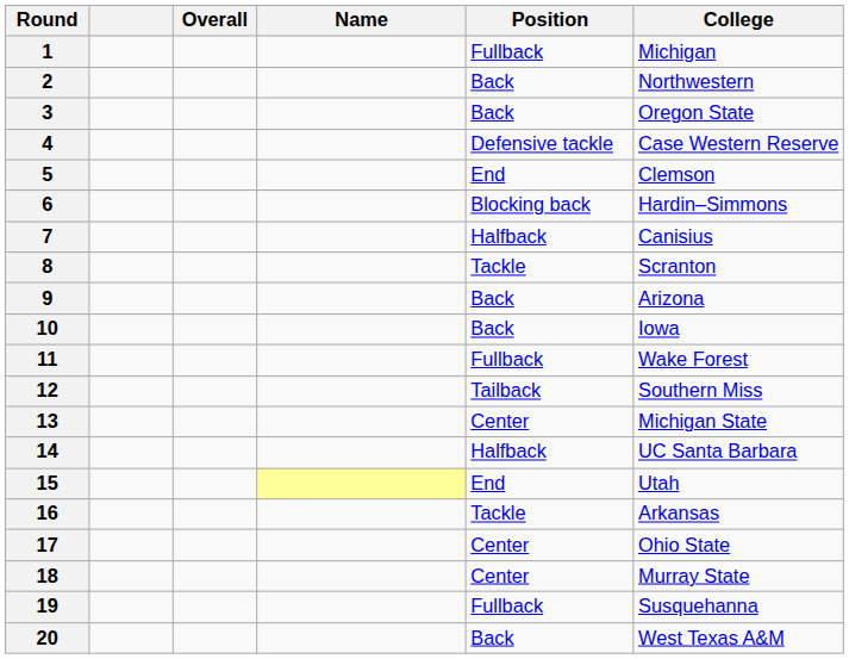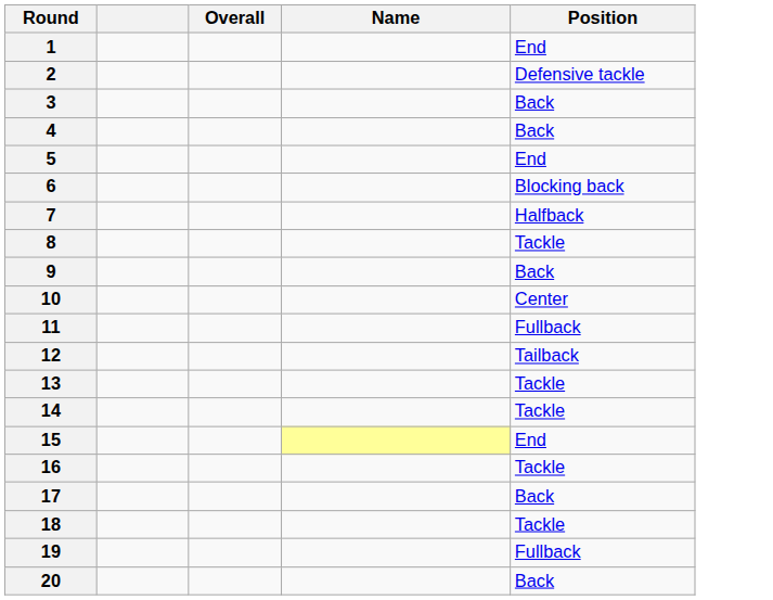 <table class="wikitable sortable">
 <tr>
 <th scope="col" style="width: 10%;">Round</th>
 <th scope="col" style="width: 10%;"></th>
 <th scope="col" style="width: 10%;">Overall</th>
 <th scope="col" style="width: 25%;">Name</th>
 <th scope="col" style="width: 20%;">Position</th>
-<th scope="col" style="width: 25%;">College</th>
 </tr>
 <tr>
 <th scope="row">1</th>
 <td></td>
 <td></td>
 <td></td>
-<td><a href='#'>Fullback</a></td>
-<td><a href='#'>Michigan</a></td>
+<td><a href='#'>End</a></td>
 </tr>
 <tr>
 <th scope="row">2</th>
 <td></td>
 <td></td>
 <td></td>
-<td><a href='#'>Back</a></td>
-<td><a href='#'>Northwestern</a></td>
+<td><a href='#'>Defensive tackle</a></td>
 </tr>
 <tr>
 <th scope="row">3</th>
 <td></td>
 <td></td>
 <td></td>
 <td><a href='#'>Back</a></td>
-<td><a href='#'>Oregon State</a></td>
 </tr>
 <tr>
 <th scope="row">4</th>
 <td></td>
 <td></td>
 <td></td>
-<td><a href='#'>Defensive tackle</a></td>
-<td><a href='#'>Case Western Reserve</a></td>
+<td><a href='#'>Back</a></td>
 </tr>
 <tr>
 <th scope="row">5</th>
 <td></td>
 <td></td>
 <td></td>
 <td><a href='#'>End</a></td>
-<td><a href='#'>Clemson</a></td>
 </tr>
 <tr>
 <th scope="row">6</th>
 <td></td>
 <td></td>
 <td></td>
 <td><a href='#'>Blocking back</a></td>
-<td><a href='#'>Hardin–Simmons</a></td>
 </tr>
 <tr>
 <th scope="row">7</th>
 <td></td>
 <td></td>
 <td></td>
 <td><a href='#'>Halfback</a></td>
-<td><a href='#'>Canisius</a></td>
 </tr>
 <tr>
 <th scope="row">8</th>
 <td></td>
 <td></td>
 <td></td>
 <td><a href='#'>Tackle</a></td>
-<td><a href='#'>Scranton</a></td>
 </tr>
 <tr>
 <th scope="row">9</th>
 <td></td>
 <td></td>
 <td></td>
 <td><a href='#'>Back</a></td>
-<td><a href='#'>Arizona</a></td>
 </tr>
 <tr>
 <th scope="row">10</th>
 <td></td>
 <td></td>
 <td></td>
-<td><a href='#'>Back</a></td>
-<td><a href='#'>Iowa</a></td>
+<td><a href='#'>Center</a></td>
 </tr>
 <tr>
 <th scope="row">11</th>
 <td></td>
 <td></td>
 <td></td>
 <td><a href='#'>Fullback</a></td>
-<td><a href='#'>Wake Forest</a></td>
 </tr>
 <tr>
 <th scope="row">12</th>
 <td></td>
 <td></td>
 <td></td>
 <td><a href='#'>Tailback</a></td>
-<td><a href='#'>Southern Miss</a></td>
 </tr>
 <tr>
 <th scope="row">13</th>
 <td></td>
 <td></td>
 <td></td>
-<td><a href='#'>Center</a></td>
-<td><a href='#'>Michigan State</a></td>
+<td><a href='#'>Tackle</a></td>
 </tr>
 <tr>
 <th scope="row">14</th>
 <td></td>
 <td></td>
 <td></td>
-<td><a href='#'>Halfback</a></td>
-<td><a href='#'>UC Santa Barbara</a></td>
+<td><a href='#'>Tackle</a></td>
 </tr>
 <tr>
 <th scope="row">15</th>
 <td></td>
 <td></td>
 <td style="background-color: #FFFF99;"> </td>
 <td><a href='#'>End</a></td>
-<td><a href='#'>Utah</a></td>
 </tr>
 <tr>
 <th scope="row">16</th>
 <td></td>
 <td></td>
 <td></td>
 <td><a href='#'>Tackle</a></td>
-<td><a href='#'>Arkansas</a></td>
 </tr>
 <tr>
 <th scope="row">17</th>
 <td></td>
 <td></td>
 <td></td>
-<td><a href='#'>Center</a></td>
-<td><a href='#'>Ohio State</a></td>
+<td><a href='#'>Back</a></td>
 </tr>
 <tr>
 <th scope="row">18</th>
 <td></td>
 <td></td>
 <td></td>
-<td><a href='#'>Center</a></td>
-<td><a href='#'>Murray State</a></td>
+<td><a href='#'>Tackle</a></td>
 </tr>
 <tr>
 <th scope="row">19</th>
 <td></td>
 <td></td>
 <td></td>
 <td><a href='#'>Fullback</a></td>
-<td><a href='#'>Susquehanna</a></td>
 </tr>
 <tr>
 <th scope="row">20</th>
 <td></td>
 <td></td>
 <td></td>
 <td><a href='#'>Back</a></td>
-<td><a href='#'>West Texas A&M</a></td>
 </tr>
 </table>
